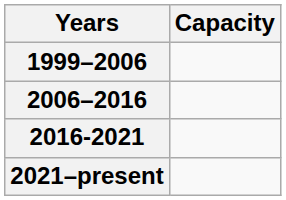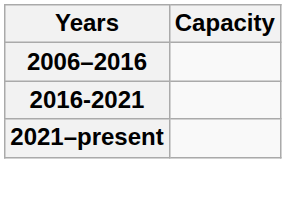 <table class="wikitable">
 <tr>
 <th>Years</th>
 <th>Capacity</th>
-</tr>
-<tr>
-<th>1999–2006</th>
-<td></td>
 </tr>
 <tr>
 <th>2006–2016</th>
 <td></td>
 </tr>
 <tr>
 <th>2016-2021</th>
 <td></td>
 </tr>
 <tr>
 <th>2021–present</th>
 <td></td>
 </tr>
 </table>
